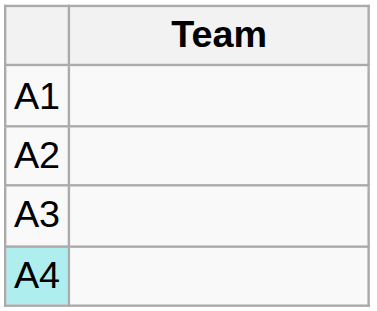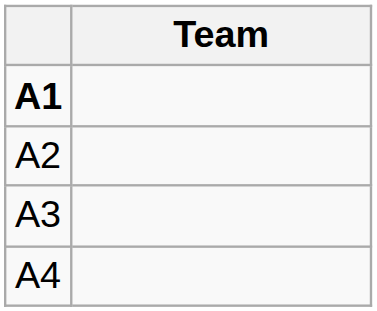 <table class="wikitable" style="display:inline-table;">
 <tr>
 <th></th>
 <th width="120">Team</th>
 </tr>
 <tr>
-<td align=center>A1</td>
+<td align=center><strong>A1</strong></td>
 <td></td>
 </tr>
 <tr>
 <td align=center>A2</td>
 <td></td>
 </tr>
 <tr>
 <td align=center>A3</td>
 <td></td>
 </tr>
 <tr>
-<td align=center style="background: paleturquoise;">A4</td>
+<td align=center>A4</td>
 <td></td>
 </tr>
 </table>
